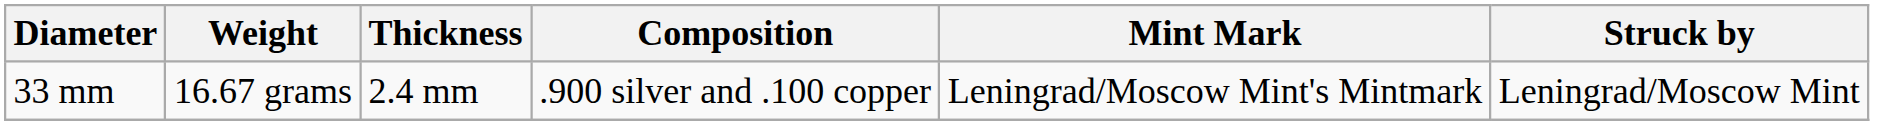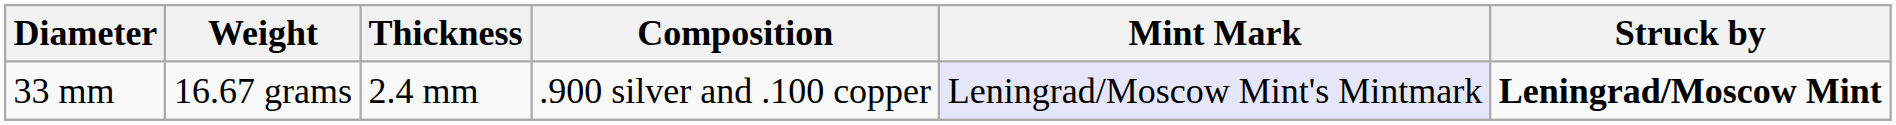 <table class="wikitable">
 <tr>
 <th>Diameter</th>
 <th>Weight</th>
 <th>Thickness</th>
 <th>Composition</th>
 <th>Mint Mark</th>
 <th>Struck by</th>
 </tr>
 <tr>
 <td>33 mm</td>
 <td>16.67 grams</td>
 <td>2.4 mm</td>
 <td>.900 silver and .100 copper</td>
-<td>Leningrad/Moscow Mint's Mintmark</td>
-<td>Leningrad/Moscow Mint</td>
+<td style="background: lavender;">Leningrad/Moscow Mint's Mintmark</td>
+<td><strong>Leningrad/Moscow Mint</strong></td>
 </tr>
 <tr>
 </tr>
 </table>
